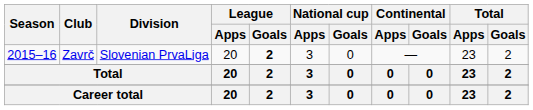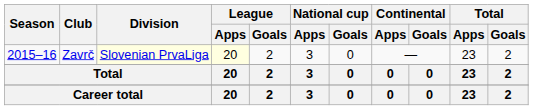 <table class="wikitable" style="text-align: center;">
 <tr>
 <th rowspan="2">Season</th>
 <th rowspan="2">Club</th>
 <th rowspan="2">Division</th>
 <th colspan="2">League</th>
 <th colspan="2">National cup</th>
 <th colspan="2">Continental</th>
 <th colspan="2">Total</th>
 </tr>
 <tr>
 <th>Apps</th>
 <th>Goals</th>
 <th>Apps</th>
 <th>Goals</th>
 <th>Apps</th>
 <th>Goals</th>
 <th>Apps</th>
 <th>Goals</th>
 </tr>
 <tr>
 <td><a href='#'>2015–16</a></td>
 <td valign="center"><a href='#'>Zavrč</a></td>
-<td><a href='#'>Slovenian PrvaLiga</a></td>
-<td>20</td>
-<td><strong>2</strong></td>
+<td style="background: lightyellow;"><a href='#'>Slovenian PrvaLiga</a></td>
+<td style="background: lightyellow;">20</td>
+<td>2</td>
 <td>3</td>
 <td>0</td>
 <td colspan="2">—</td>
 <td>23</td>
 <td>2</td>
 </tr>
 <tr>
 </tr>
 <tr>
 <th colspan="3" valign="center">Total</th>
 <th>20</th>
 <th>2</th>
 <th>3</th>
 <th>0</th>
 <th>0</th>
 <th>0</th>
 <th>23</th>
 <th>2</th>
 </tr>
 <tr>
 </tr>
 <tr>
 <th colspan="3">Career total</th>
 <th>20</th>
 <th>2</th>
 <th>3</th>
 <th>0</th>
 <th>0</th>
 <th>0</th>
 <th>23</th>
 <th>2</th>
 </tr>
 </table>
